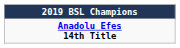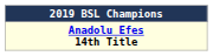 <table class="wikitable" style="margin: 0 auto; width: 20%;">
 <tr>
 <th style="background:#213557 ; color:#FFFFFE">2019 BSL Champions</th>
 </tr>
 <tr>
-<td align=center><strong><a href='#'>Anadolu Efes</a></strong><br><strong>14th Title</strong> <br></td>
+<td align=center style="background: lightyellow;"><strong><a href='#'>Anadolu Efes</a></strong><br><strong>14th Title</strong> <br></td>
 </tr>
 </table>
